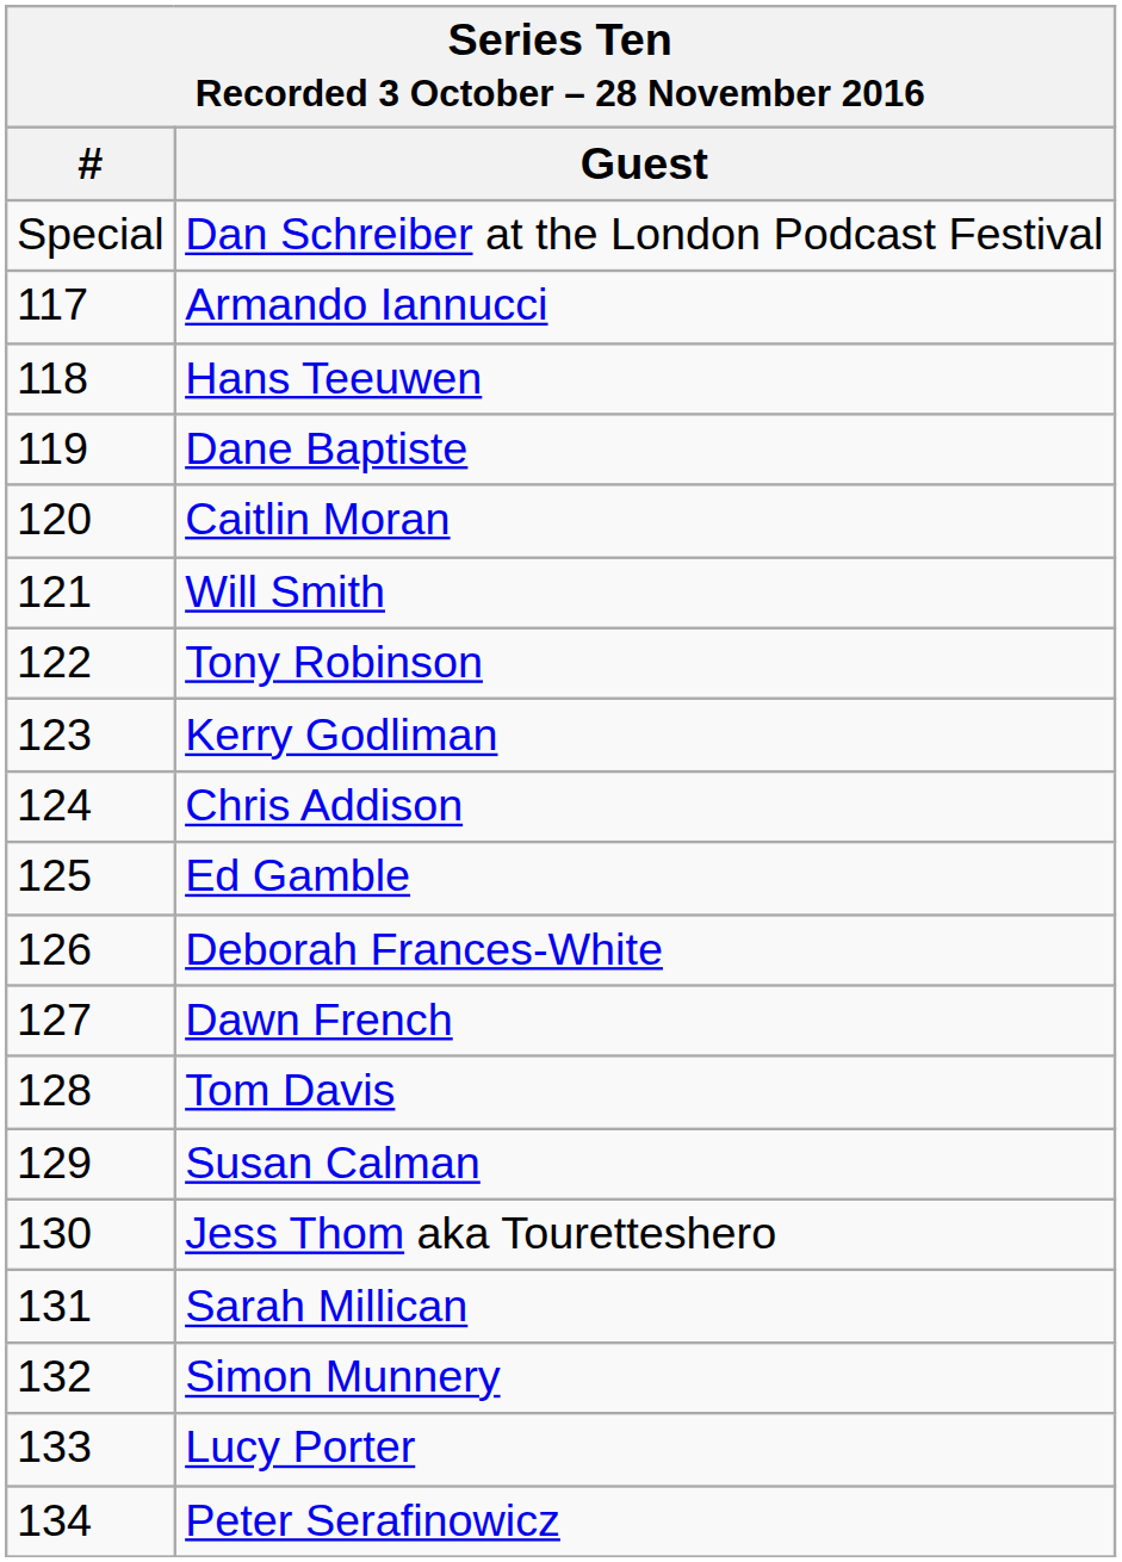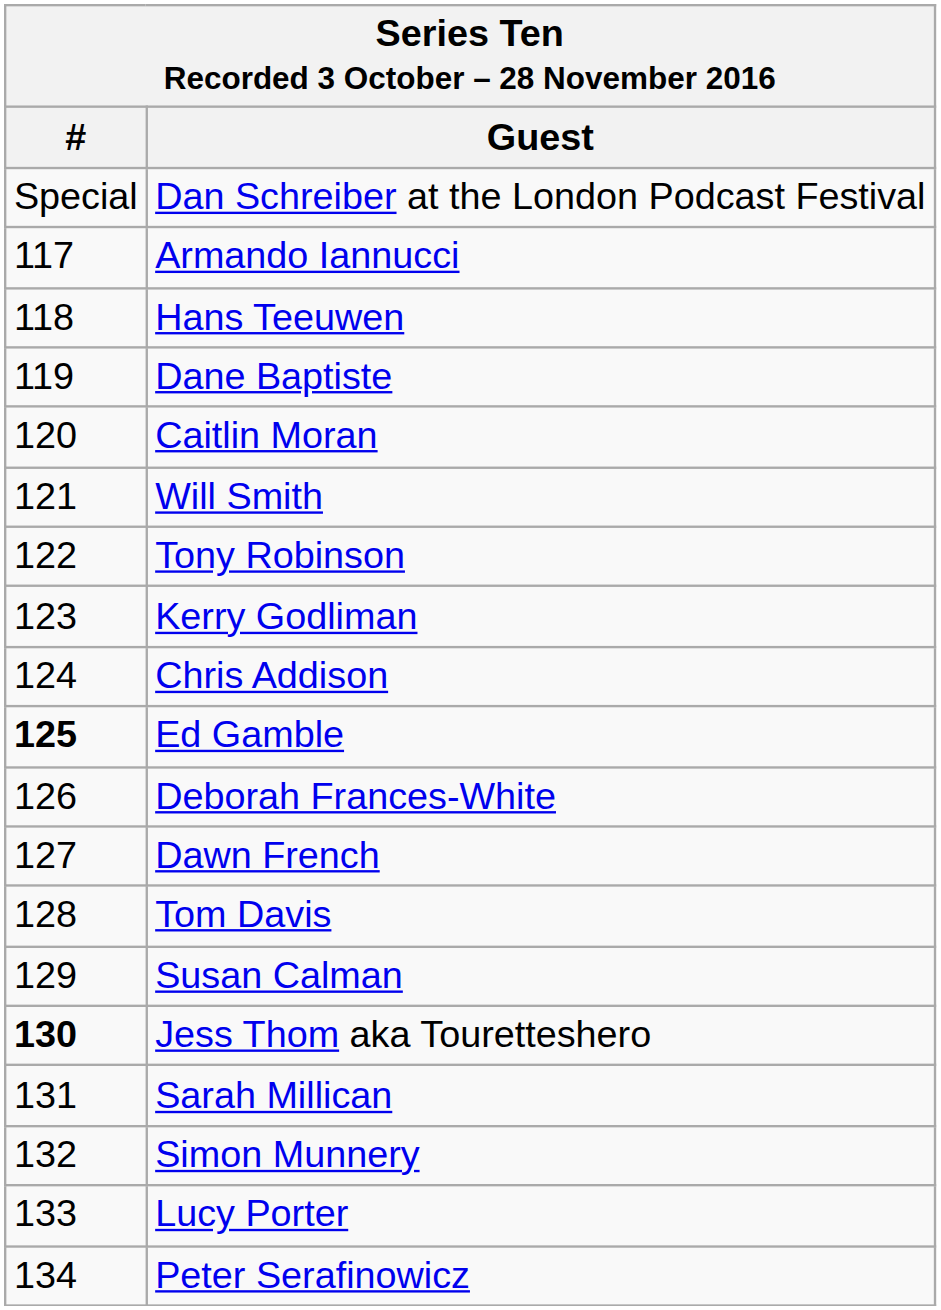 <table class="wikitable">
 <tr>
 <th colspan="3">Series Ten<br><small>Recorded 3 October – 28 November 2016</small></th>
 </tr>
 <tr>
 <th>#</th>
 <th>Guest</th>
 </tr>
 <tr>
 <td>Special</td>
 <td><a href='#'>Dan Schreiber</a> at the London Podcast Festival</td>
 </tr>
 <tr>
 <td>117</td>
 <td><a href='#'>Armando Iannucci</a></td>
 </tr>
 <tr>
 <td>118</td>
 <td><a href='#'>Hans Teeuwen</a></td>
 </tr>
 <tr>
 <td>119</td>
 <td><a href='#'>Dane Baptiste</a></td>
 </tr>
 <tr>
 <td>120</td>
 <td><a href='#'>Caitlin Moran</a></td>
 </tr>
 <tr>
 <td>121</td>
 <td><a href='#'>Will Smith</a></td>
 </tr>
 <tr>
 <td>122</td>
 <td><a href='#'>Tony Robinson</a></td>
 </tr>
 <tr>
 <td>123</td>
 <td><a href='#'>Kerry Godliman</a></td>
 </tr>
 <tr>
 <td>124</td>
 <td><a href='#'>Chris Addison</a></td>
 </tr>
 <tr>
-<td>125</td>
+<td><strong>125</strong></td>
 <td><a href='#'>Ed Gamble</a></td>
 </tr>
 <tr>
 <td>126</td>
 <td><a href='#'>Deborah Frances-White</a></td>
 </tr>
 <tr>
 <td>127</td>
 <td><a href='#'>Dawn French</a></td>
 </tr>
 <tr>
 <td>128</td>
 <td><a href='#'>Tom Davis</a></td>
 </tr>
 <tr>
 <td>129</td>
 <td><a href='#'>Susan Calman</a></td>
 </tr>
 <tr>
-<td>130</td>
+<td><strong>130</strong></td>
 <td><a href='#'>Jess Thom</a> aka Touretteshero</td>
 </tr>
 <tr>
 <td>131</td>
 <td><a href='#'>Sarah Millican</a></td>
 </tr>
 <tr>
 <td>132</td>
 <td><a href='#'>Simon Munnery</a></td>
 </tr>
 <tr>
 <td>133</td>
 <td><a href='#'>Lucy Porter</a></td>
 </tr>
 <tr>
 <td>134</td>
 <td><a href='#'>Peter Serafinowicz</a></td>
 </tr>
 </table>
